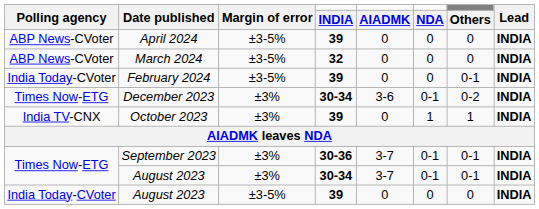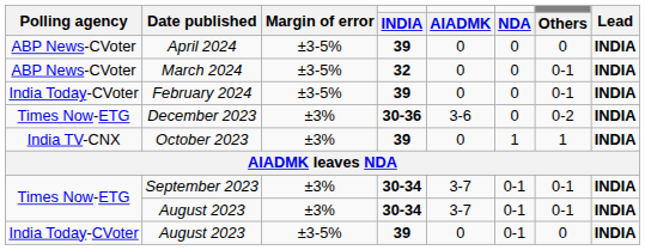 <table class="wikitable sortable" style="text-align:center;font-size:95%;line-height:16px">
 <tr>
 <th rowspan="2">Polling agency</th>
 <th rowspan="2">Date published</th>
 <th rowspan="2">Margin of error</th>
 <td bgcolor=></td>
 <td bgcolor=></td>
 <td bgcolor=></td>
 <td bgcolor=grey></td>
 <th rowspan="2">Lead</th>
 </tr>
 <tr>
 <th><a href='#'>INDIA</a></th>
 <th><a href='#'>AIADMK</a></th>
 <th><a href='#'>NDA</a></th>
 <th>Others</th>
 </tr>
 <tr>
 <td><a href='#'>ABP News</a>-CVoter</td>
 <td><em>April 2024</em></td>
 <td>±3-5%</td>
 <td><strong>39</strong></td>
 <td>0</td>
 <td>0</td>
 <td>0</td>
 <td><strong>INDIA</strong></td>
 </tr>
 <tr>
 <td><a href='#'>ABP News</a>-CVoter</td>
 <td><em>March 2024</em></td>
 <td>±3-5%</td>
 <td bgcolor=><strong>32</strong></td>
 <td>0</td>
 <td>0</td>
-<td>0</td>
+<td>0-1</td>
 <td bgcolor=><strong>INDIA</strong></td>
 </tr>
 <tr>
 <td><a href='#'>India Today</a>-CVoter</td>
 <td><em>February 2024</em></td>
 <td>±3-5%</td>
 <td bgcolor=><strong>39</strong></td>
 <td>0</td>
 <td>0</td>
 <td>0-1</td>
 <td bgcolor=><strong>INDIA</strong></td>
 </tr>
 <tr>
 <td><a href='#'>Times Now</a>-<a href='#'>ETG</a></td>
 <td><em>December 2023</em></td>
 <td>±3%</td>
-<td bgcolor=><strong>30-34</strong></td>
+<td bgcolor=><strong>30-36</strong></td>
 <td>3-6</td>
-<td>0-1</td>
+<td>0</td>
 <td>0-2</td>
 <td bgcolor=><strong>INDIA</strong></td>
 </tr>
 <tr>
 <td><a href='#'>India TV</a>-CNX</td>
 <td><em>October 2023</em></td>
 <td>±3%</td>
 <td bgcolor=><strong>39</strong></td>
 <td>0</td>
 <td>1</td>
 <td>1</td>
 <td bgcolor=><strong>INDIA</strong></td>
 </tr>
 <tr>
 <th colspan="8"><a href='#'>AIADMK</a> leaves <a href='#'>NDA</a></th>
 </tr>
 <tr>
 <td rowspan="2"><a href='#'>Times Now</a>-<a href='#'>ETG</a></td>
 <td><em>September 2023</em></td>
 <td>±3%</td>
-<td bgcolor=><strong>30-36</strong></td>
+<td bgcolor=><strong>30-34</strong></td>
 <td>3-7</td>
 <td>0-1</td>
 <td>0-1</td>
 <td bgcolor=><strong>INDIA</strong></td>
 </tr>
 <tr>
 <td><em>August 2023</em></td>
 <td>±3%</td>
 <td bgcolor=><strong>30-34</strong></td>
 <td>3-7</td>
 <td>0-1</td>
 <td>0-1</td>
 <td bgcolor=><strong>INDIA</strong></td>
 </tr>
 <tr>
 <td><a href='#'>India Today</a>-<a href='#'>CVoter</a></td>
 <td><em>August 2023</em></td>
 <td>±3-5%</td>
 <td><strong>39</strong></td>
 <td>0</td>
-<td>0</td>
+<td>0-1</td>
 <td>0</td>
 <td><strong>INDIA</strong></td>
 </tr>
 </table>
